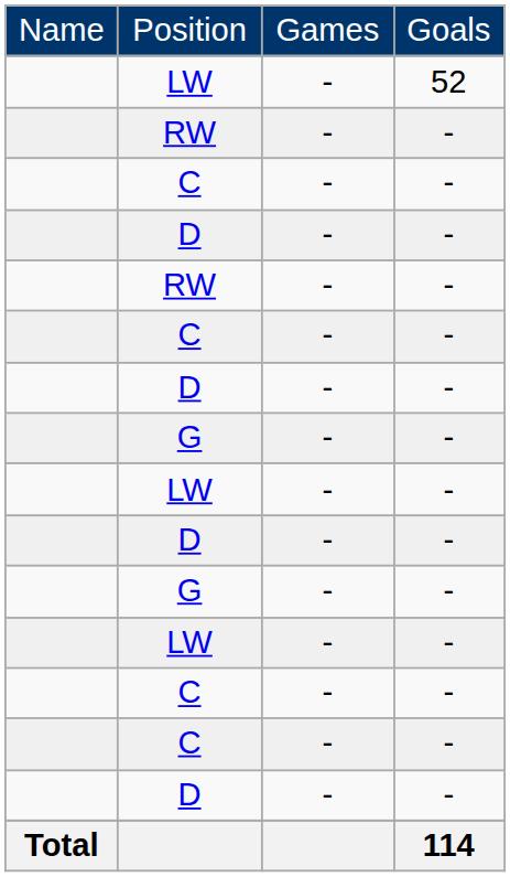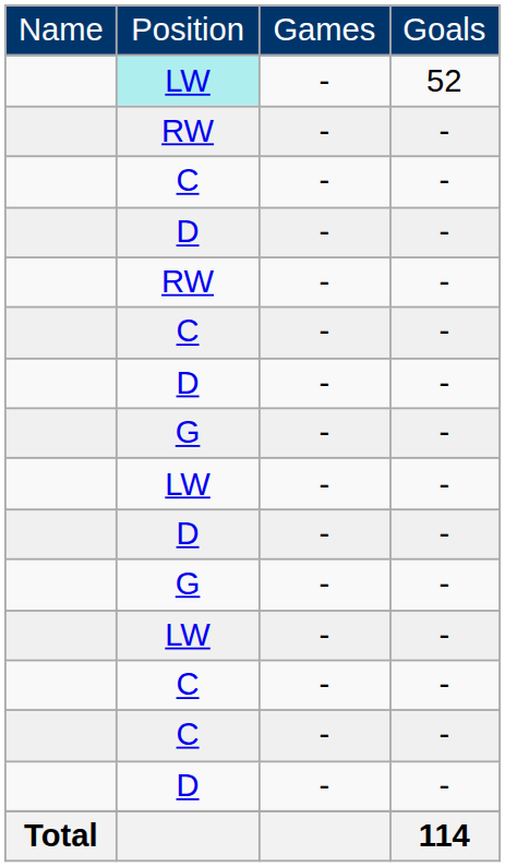 <table class="wikitable sortable" width ="40%">
 <tr align="center">
 <td style="color:white; background:#00356B">Name</td>
 <td style="color:white; background:#00356B">Position</td>
 <td style="color:white; background:#00356B">Games</td>
 <td style="color:white; background:#00356B">Goals</td>
 </tr>
 <tr align="center">
 <td></td>
-<td><a href='#'>LW</a></td>
+<td style="background: paleturquoise;"><a href='#'>LW</a></td>
 <td>-</td>
 <td>52</td>
 </tr>
 <tr align="center" bgcolor="f0f0f0">
 <td></td>
 <td><a href='#'>RW</a></td>
 <td>-</td>
 <td>-</td>
 </tr>
 <tr align="center">
 <td></td>
 <td><a href='#'>C</a></td>
 <td>-</td>
 <td>-</td>
 </tr>
 <tr align="center" bgcolor="f0f0f0">
 <td></td>
 <td><a href='#'>D</a></td>
 <td>-</td>
 <td>-</td>
 </tr>
 <tr align="center">
 <td></td>
 <td><a href='#'>RW</a></td>
 <td>-</td>
 <td>-</td>
 </tr>
 <tr align="center" bgcolor="f0f0f0">
 <td></td>
 <td><a href='#'>C</a></td>
 <td>-</td>
 <td>-</td>
 </tr>
 <tr align="center">
 <td></td>
 <td><a href='#'>D</a></td>
 <td>-</td>
 <td>-</td>
 </tr>
 <tr align="center" bgcolor="f0f0f0">
 <td></td>
 <td><a href='#'>G</a></td>
 <td>-</td>
 <td>-</td>
 </tr>
 <tr align="center">
 <td></td>
 <td><a href='#'>LW</a></td>
 <td>-</td>
 <td>-</td>
 </tr>
 <tr align="center" bgcolor="f0f0f0">
 <td></td>
 <td><a href='#'>D</a></td>
 <td>-</td>
 <td>-</td>
 </tr>
 <tr align="center">
 <td></td>
 <td><a href='#'>G</a></td>
 <td>-</td>
 <td>-</td>
 </tr>
 <tr align="center" bgcolor="f0f0f0">
 <td></td>
 <td><a href='#'>LW</a></td>
 <td>-</td>
 <td>-</td>
 </tr>
 <tr align="center" bgcolor="">
 <td></td>
 <td><a href='#'>C</a></td>
 <td>-</td>
 <td>-</td>
 </tr>
 <tr align="center" bgcolor="f0f0f0">
 <td></td>
 <td><a href='#'>C</a></td>
 <td>-</td>
 <td>-</td>
 </tr>
 <tr align="center" bgcolor="">
 <td></td>
 <td><a href='#'>D</a></td>
 <td>-</td>
 <td>-</td>
 </tr>
 <tr align="center">
 </tr>
 <tr>
 <th>Total</th>
 <th></th>
 <th></th>
 <th>114</th>
 </tr>
 </table>
